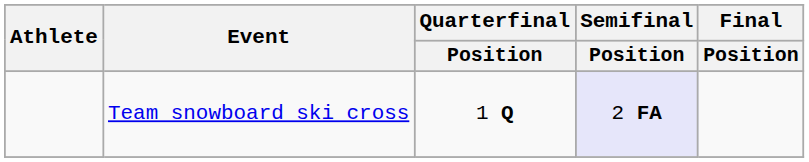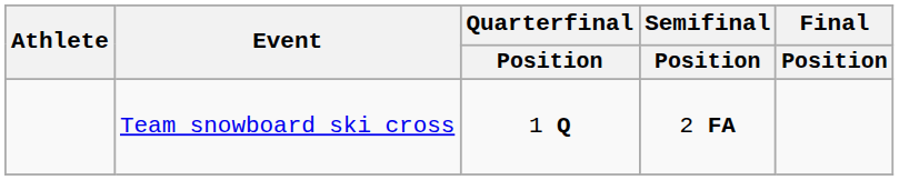 <table class="wikitable" style="font-size:90%">
 <tr>
 <th rowspan="2">Athlete</th>
 <th rowspan="2">Event</th>
 <th>Quarterfinal</th>
 <th>Semifinal</th>
 <th>Final</th>
 </tr>
 <tr style="font-size:95%">
 <th>Position</th>
 <th>Position</th>
 <th>Position</th>
 </tr>
 <tr align=center>
 <td align=left><br><br><br></td>
 <td align=left><a href='#'>Team snowboard ski cross</a></td>
 <td>1 <strong>Q</strong></td>
-<td style="background: lavender;">2 <strong>FA</strong></td>
+<td>2 <strong>FA</strong></td>
 <td></td>
 </tr>
 </table>
